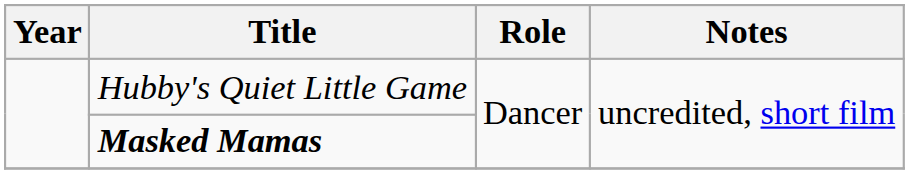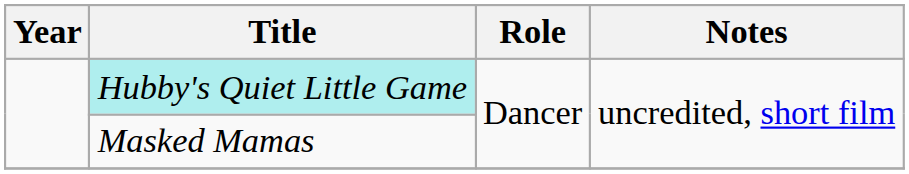 <table class="wikitable sortable">
 <tr>
 <th>Year</th>
 <th>Title</th>
 <th>Role</th>
 <th class="unsortable">Notes</th>
 </tr>
 <tr>
 <td rowspan="2"></td>
-<td><em>Hubby's Quiet Little Game</em></td>
+<td style="background: paleturquoise;"><em>Hubby's Quiet Little Game</em></td>
 <td rowspan="2">Dancer</td>
 <td rowspan="2">uncredited, <a href='#'>short film</a></td>
 </tr>
 <tr>
-<td><strong><em>Masked Mamas</em></strong></td>
+<td><em>Masked Mamas</em></td>
 </tr>
 <tr>
 </tr>
 </table>
